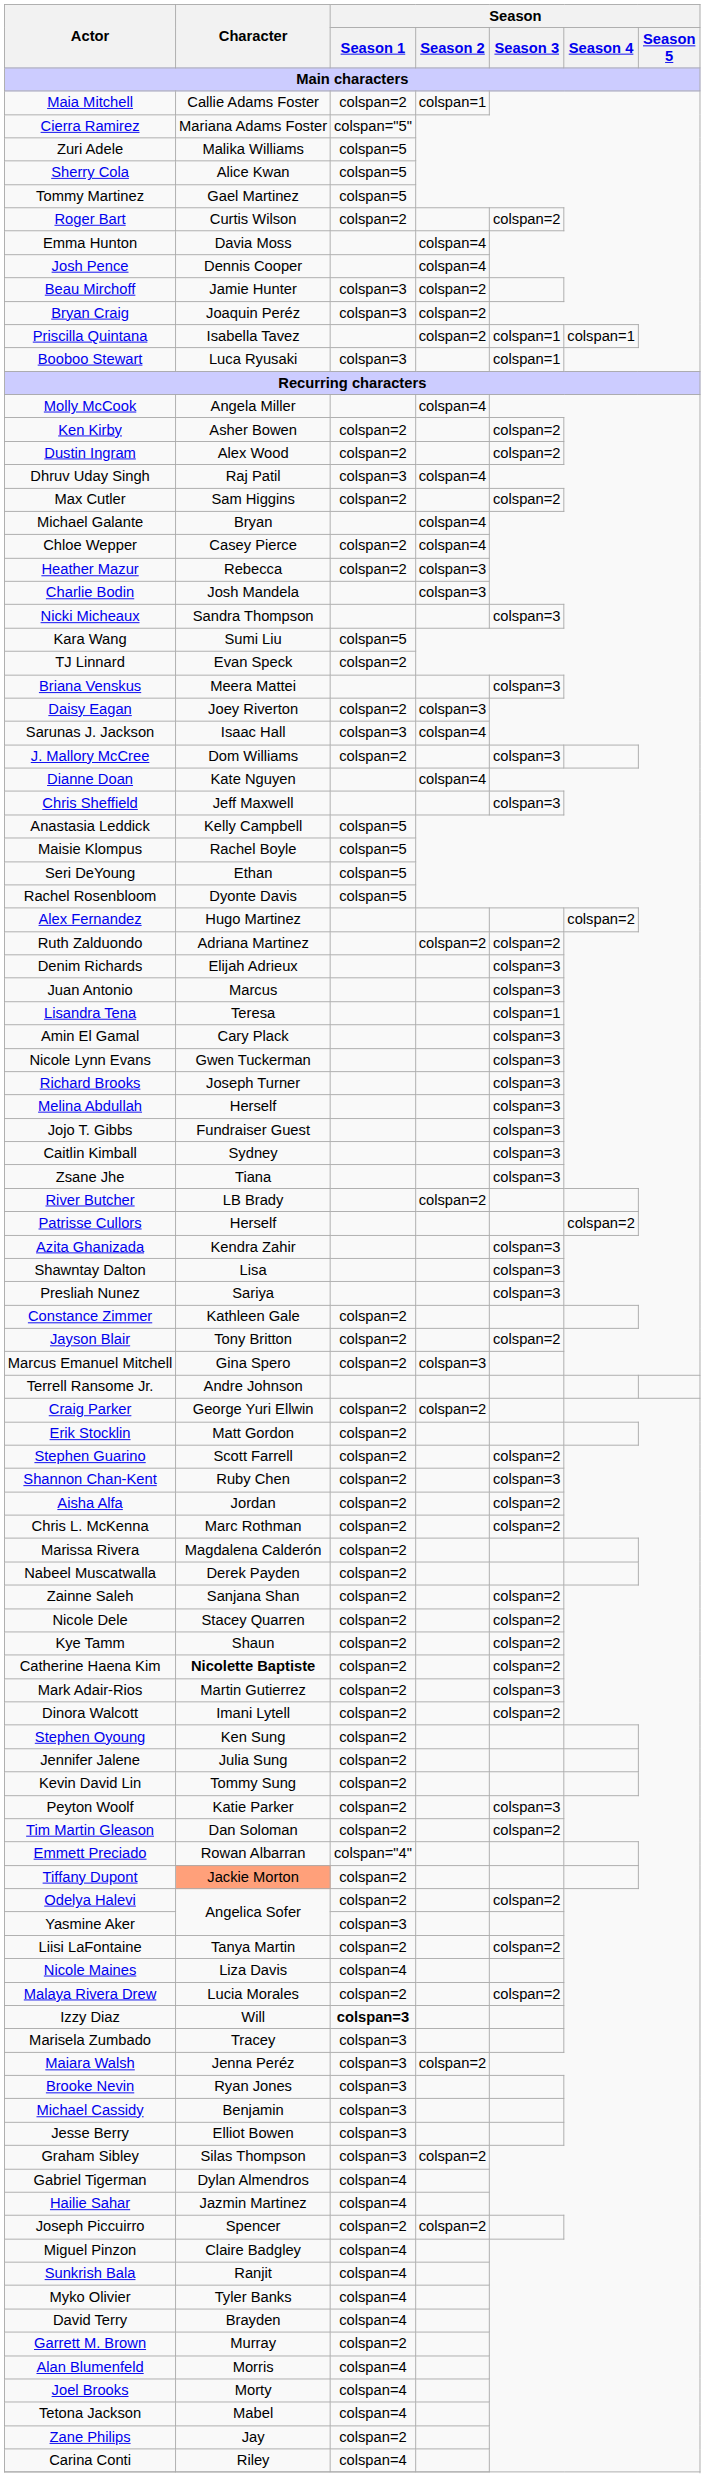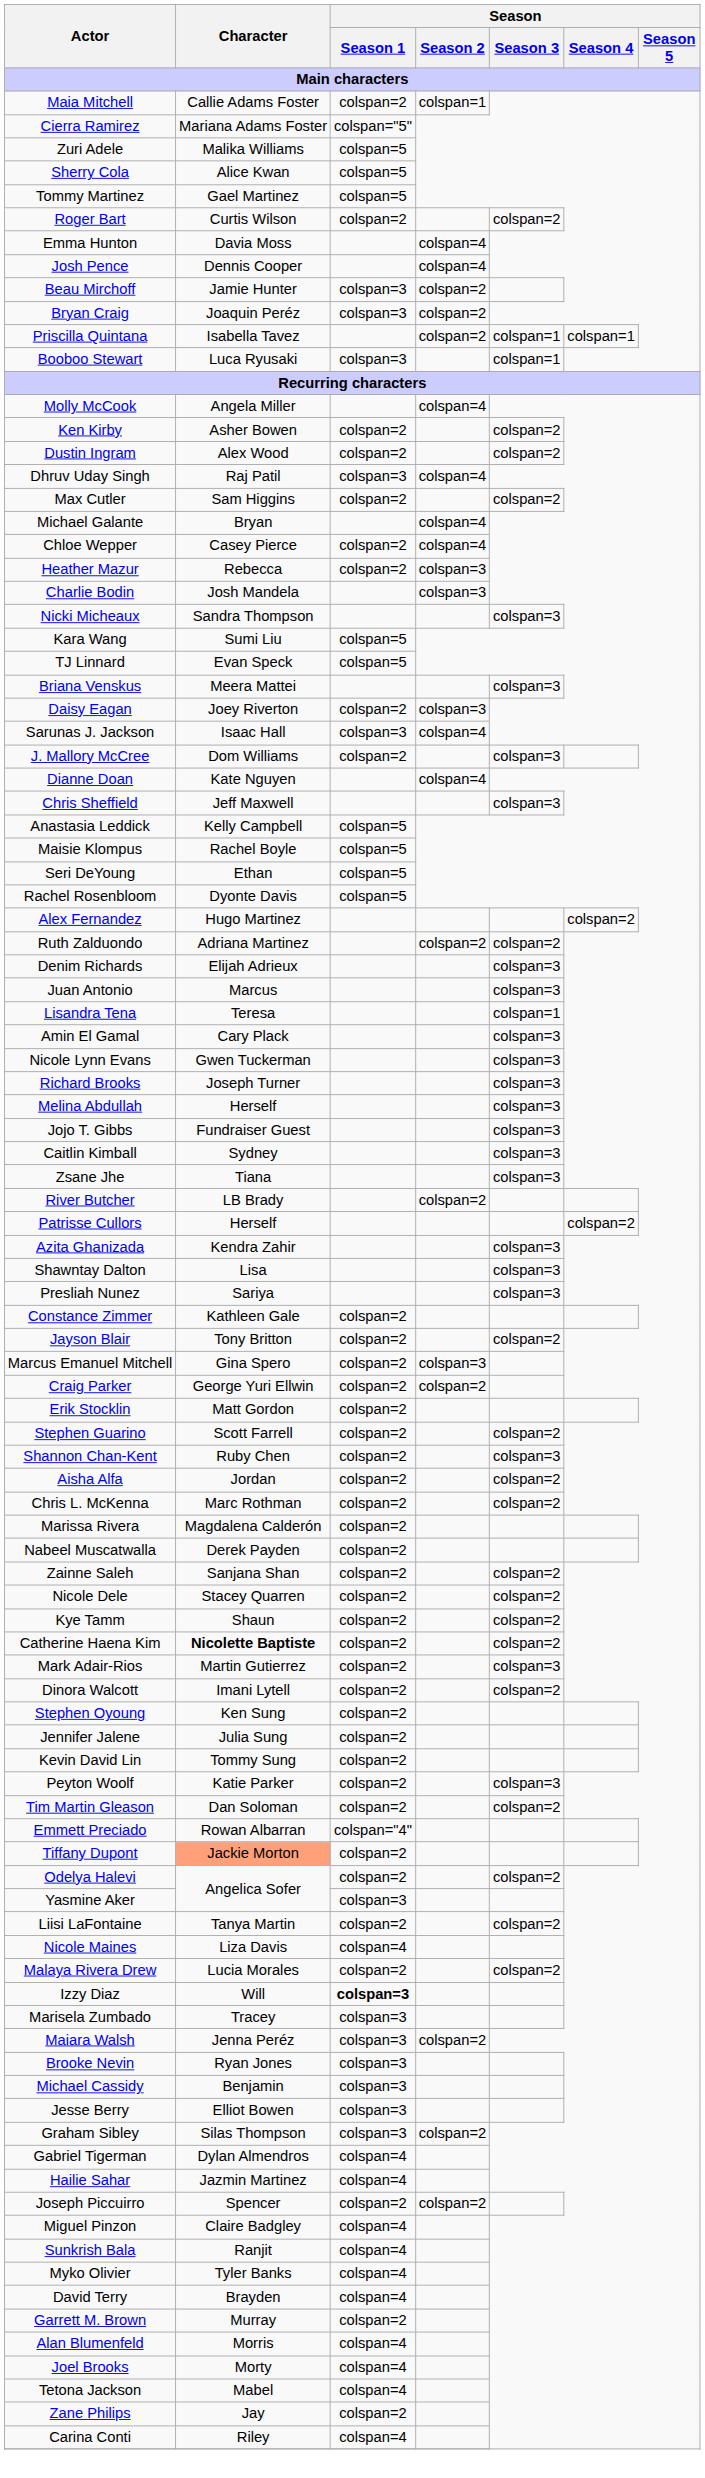 <table class="wikitable plainrowheaders" style="text-align:center">
 <tr>
 <th rowspan="2" scope="col">Actor</th>
 <th rowspan="2" scope="col">Character</th>
 <th colspan="5">Season</th>
 </tr>
 <tr>
 <th scope="col" style="width:60px;"><a href='#'>Season 1</a></th>
 <th scope="col" style="width:60px;"><a href='#'>Season 2</a></th>
 <th scope="col" style="width:60px;"><a href='#'>Season 3</a></th>
 <th scope="col" style="width:60px;"><a href='#'>Season 4</a></th>
 <th scope="col" style="width:60px;"><a href='#'>Season 5</a></th>
 </tr>
 <tr>
 <td colspan="7" style="background-color:#ccccff;"><strong>Main characters</strong></td>
 </tr>
 <tr>
 <td><a href='#'>Maia Mitchell</a></td>
 <td>Callie Adams Foster</td>
 <td>colspan=2 </td>
 <td>colspan=1 </td>
 </tr>
 <tr>
 <td><a href='#'>Cierra Ramirez</a></td>
 <td>Mariana Adams Foster</td>
 <td>colspan="5" </td>
 </tr>
 <tr>
 <td>Zuri Adele</td>
 <td>Malika Williams</td>
 <td>colspan=5 </td>
 </tr>
 <tr>
 <td><a href='#'>Sherry Cola</a></td>
 <td>Alice Kwan</td>
 <td>colspan=5 </td>
 </tr>
 <tr>
 <td>Tommy Martinez</td>
 <td>Gael Martinez</td>
 <td>colspan=5 </td>
 </tr>
 <tr>
 <td><a href='#'>Roger Bart</a></td>
 <td>Curtis Wilson</td>
 <td>colspan=2 </td>
 <td></td>
 <td>colspan=2 </td>
 </tr>
 <tr>
 <td>Emma Hunton</td>
 <td>Davia Moss</td>
 <td></td>
 <td>colspan=4 </td>
 </tr>
 <tr>
 <td><a href='#'>Josh Pence</a></td>
 <td>Dennis Cooper</td>
 <td></td>
 <td>colspan=4 </td>
 </tr>
 <tr>
 <td><a href='#'>Beau Mirchoff</a></td>
 <td>Jamie Hunter</td>
 <td>colspan=3 </td>
 <td>colspan=2 </td>
 <td></td>
 </tr>
 <tr>
 <td><a href='#'>Bryan Craig</a></td>
 <td>Joaquin Peréz</td>
 <td>colspan=3 </td>
 <td>colspan=2 </td>
 </tr>
 <tr>
 <td><a href='#'>Priscilla Quintana</a></td>
 <td>Isabella Tavez</td>
 <td></td>
 <td>colspan=2 </td>
 <td>colspan=1 </td>
 <td>colspan=1 </td>
 </tr>
 <tr>
 <td><a href='#'>Booboo Stewart</a></td>
 <td>Luca Ryusaki</td>
 <td>colspan=3 </td>
 <td></td>
 <td>colspan=1 </td>
 </tr>
 <tr>
 <td colspan="7" style="background-color:#ccccff;"><strong>Recurring characters</strong></td>
 </tr>
 <tr>
 <td><a href='#'>Molly McCook</a></td>
 <td>Angela Miller</td>
 <td></td>
 <td>colspan=4 </td>
 </tr>
 <tr>
 <td><a href='#'>Ken Kirby</a></td>
 <td>Asher Bowen</td>
 <td>colspan=2 </td>
 <td></td>
 <td>colspan=2 </td>
 </tr>
 <tr>
 <td><a href='#'>Dustin Ingram</a></td>
 <td>Alex Wood</td>
 <td>colspan=2 </td>
 <td></td>
 <td>colspan=2 </td>
 </tr>
 <tr>
 <td>Dhruv Uday Singh</td>
 <td>Raj Patil</td>
 <td>colspan=3 </td>
 <td>colspan=4 </td>
 </tr>
 <tr>
 <td>Max Cutler</td>
 <td>Sam Higgins</td>
 <td>colspan=2 </td>
 <td></td>
 <td>colspan=2 </td>
 </tr>
 <tr>
 <td>Michael Galante</td>
 <td>Bryan</td>
 <td></td>
 <td>colspan=4 </td>
 </tr>
 <tr>
 <td>Chloe Wepper</td>
 <td>Casey Pierce</td>
 <td>colspan=2 </td>
 <td>colspan=4 </td>
 </tr>
 <tr>
 <td><a href='#'>Heather Mazur</a></td>
 <td>Rebecca</td>
 <td>colspan=2 </td>
 <td>colspan=3 </td>
 </tr>
 <tr>
 <td><a href='#'>Charlie Bodin</a></td>
 <td>Josh Mandela</td>
 <td></td>
 <td>colspan=3 </td>
 </tr>
 <tr>
 <td><a href='#'>Nicki Micheaux</a></td>
 <td>Sandra Thompson</td>
 <td></td>
 <td></td>
 <td>colspan=3 </td>
 </tr>
 <tr>
 <td>Kara Wang</td>
 <td>Sumi Liu</td>
 <td>colspan=5 </td>
 </tr>
 <tr>
 <td>TJ Linnard</td>
 <td>Evan Speck</td>
-<td>colspan=2 </td>
+<td>colspan=5 </td>
 </tr>
 <tr>
 <td><a href='#'>Briana Venskus</a></td>
 <td>Meera Mattei</td>
 <td></td>
 <td></td>
 <td>colspan=3 </td>
 </tr>
 <tr>
 <td><a href='#'>Daisy Eagan</a></td>
 <td>Joey Riverton</td>
 <td>colspan=2 </td>
 <td>colspan=3 </td>
 </tr>
 <tr>
 <td>Sarunas J. Jackson</td>
 <td>Isaac Hall</td>
 <td>colspan=3 </td>
 <td>colspan=4 </td>
 </tr>
 <tr>
 <td><a href='#'>J. Mallory McCree</a></td>
 <td>Dom Williams</td>
 <td>colspan=2 </td>
 <td></td>
 <td>colspan=3 </td>
 <td></td>
 </tr>
 <tr>
 <td><a href='#'>Dianne Doan</a></td>
 <td>Kate Nguyen</td>
 <td></td>
 <td>colspan=4 </td>
 </tr>
 <tr>
 <td><a href='#'>Chris Sheffield</a></td>
 <td>Jeff Maxwell</td>
 <td></td>
 <td></td>
 <td>colspan=3 </td>
 </tr>
 <tr>
 <td>Anastasia Leddick</td>
 <td>Kelly Campbell</td>
 <td>colspan=5 </td>
 </tr>
 <tr>
 <td>Maisie Klompus</td>
 <td>Rachel Boyle</td>
 <td>colspan=5 </td>
 </tr>
 <tr>
 <td>Seri DeYoung</td>
 <td>Ethan</td>
 <td>colspan=5 </td>
 </tr>
 <tr>
 <td>Rachel Rosenbloom</td>
 <td>Dyonte Davis</td>
 <td>colspan=5 </td>
 </tr>
 <tr>
 <td><a href='#'>Alex Fernandez</a></td>
 <td>Hugo Martinez</td>
 <td></td>
 <td></td>
 <td></td>
 <td>colspan=2 </td>
 </tr>
 <tr>
 <td>Ruth Zalduondo</td>
 <td>Adriana Martinez</td>
 <td></td>
 <td>colspan=2 </td>
 <td>colspan=2 </td>
 </tr>
 <tr>
 <td>Denim Richards</td>
 <td>Elijah Adrieux</td>
 <td></td>
 <td></td>
 <td>colspan=3 </td>
 </tr>
 <tr>
 <td>Juan Antonio</td>
 <td>Marcus</td>
 <td></td>
 <td></td>
 <td>colspan=3 </td>
 </tr>
 <tr>
 <td><a href='#'>Lisandra Tena</a></td>
 <td>Teresa</td>
 <td></td>
 <td></td>
 <td>colspan=1 </td>
 </tr>
 <tr>
 <td>Amin El Gamal</td>
 <td>Cary Plack</td>
 <td></td>
 <td></td>
 <td>colspan=3 </td>
 </tr>
 <tr>
 <td>Nicole Lynn Evans</td>
 <td>Gwen Tuckerman</td>
 <td></td>
 <td></td>
 <td>colspan=3 </td>
 </tr>
 <tr>
 <td><a href='#'>Richard Brooks</a></td>
 <td>Joseph Turner</td>
 <td></td>
 <td></td>
 <td>colspan=3 </td>
 </tr>
 <tr>
 <td><a href='#'>Melina Abdullah</a></td>
 <td>Herself</td>
 <td></td>
 <td></td>
 <td>colspan=3 </td>
 </tr>
 <tr>
 <td>Jojo T. Gibbs</td>
 <td>Fundraiser Guest</td>
 <td></td>
 <td></td>
 <td>colspan=3 </td>
 </tr>
 <tr>
 <td>Caitlin Kimball</td>
 <td>Sydney</td>
 <td></td>
 <td></td>
 <td>colspan=3 </td>
 </tr>
 <tr>
 <td>Zsane Jhe</td>
 <td>Tiana</td>
 <td></td>
 <td></td>
 <td>colspan=3 </td>
 </tr>
 <tr>
 <td><a href='#'>River Butcher</a></td>
 <td>LB Brady</td>
 <td></td>
 <td>colspan=2 </td>
 <td></td>
 <td></td>
 </tr>
 <tr>
 <td><a href='#'>Patrisse Cullors</a></td>
 <td>Herself</td>
 <td></td>
 <td></td>
 <td></td>
 <td>colspan=2 </td>
 </tr>
 <tr>
 <td><a href='#'>Azita Ghanizada</a></td>
 <td>Kendra Zahir</td>
 <td></td>
 <td></td>
 <td>colspan=3 </td>
 </tr>
 <tr>
 <td>Shawntay Dalton</td>
 <td>Lisa</td>
 <td></td>
 <td></td>
 <td>colspan=3 </td>
 </tr>
 <tr>
 <td>Presliah Nunez</td>
 <td>Sariya</td>
 <td></td>
 <td></td>
 <td>colspan=3 </td>
 </tr>
 <tr>
 <td><a href='#'>Constance Zimmer</a></td>
 <td>Kathleen Gale</td>
 <td>colspan=2 </td>
 <td></td>
 <td></td>
 <td></td>
 </tr>
 <tr>
 <td><a href='#'>Jayson Blair</a></td>
 <td>Tony Britton</td>
 <td>colspan=2 </td>
 <td></td>
 <td>colspan=2 </td>
 </tr>
 <tr>
 <td>Marcus Emanuel Mitchell</td>
 <td>Gina Spero</td>
 <td>colspan=2 </td>
 <td>colspan=3 </td>
-<td></td>
-</tr>
-<tr>
-<td>Terrell Ransome Jr.</td>
-<td>Andre Johnson</td>
-<td></td>
-<td></td>
-<td></td>
-<td></td>
 <td></td>
 </tr>
 <tr>
 <td><a href='#'>Craig Parker</a></td>
 <td>George Yuri Ellwin</td>
 <td>colspan=2 </td>
 <td>colspan=2 </td>
 <td></td>
 </tr>
 <tr>
 <td><a href='#'>Erik Stocklin</a></td>
 <td>Matt Gordon</td>
 <td>colspan=2 </td>
 <td></td>
 <td></td>
 <td></td>
 </tr>
 <tr>
 <td><a href='#'>Stephen Guarino</a></td>
 <td>Scott Farrell</td>
 <td>colspan=2 </td>
 <td></td>
 <td>colspan=2 </td>
 </tr>
 <tr>
 <td><a href='#'>Shannon Chan-Kent</a></td>
 <td>Ruby Chen</td>
 <td>colspan=2 </td>
 <td></td>
 <td>colspan=3 </td>
 </tr>
 <tr>
 <td><a href='#'>Aisha Alfa</a></td>
 <td>Jordan</td>
 <td>colspan=2 </td>
 <td></td>
 <td>colspan=2 </td>
 </tr>
 <tr>
 <td>Chris L. McKenna</td>
 <td>Marc Rothman</td>
 <td>colspan=2 </td>
 <td></td>
 <td>colspan=2 </td>
 </tr>
 <tr>
 <td>Marissa Rivera</td>
 <td>Magdalena Calderón</td>
 <td>colspan=2 </td>
 <td></td>
 <td></td>
 <td></td>
 </tr>
 <tr>
 <td>Nabeel Muscatwalla</td>
 <td>Derek Payden</td>
 <td>colspan=2 </td>
 <td></td>
 <td></td>
 <td></td>
 </tr>
 <tr>
 <td>Zainne Saleh</td>
 <td>Sanjana Shan</td>
 <td>colspan=2 </td>
 <td></td>
 <td>colspan=2 </td>
 </tr>
 <tr>
 <td>Nicole Dele</td>
 <td>Stacey Quarren</td>
 <td>colspan=2 </td>
 <td></td>
 <td>colspan=2 </td>
 </tr>
 <tr>
 <td>Kye Tamm</td>
 <td>Shaun</td>
 <td>colspan=2 </td>
 <td></td>
 <td>colspan=2 </td>
 </tr>
 <tr>
 <td>Catherine Haena Kim</td>
 <td><strong>Nicolette Baptiste</strong></td>
 <td>colspan=2 </td>
 <td></td>
 <td>colspan=2 </td>
 </tr>
 <tr>
 <td>Mark Adair-Rios</td>
 <td>Martin Gutierrez</td>
 <td>colspan=2 </td>
 <td></td>
 <td>colspan=3 </td>
 </tr>
 <tr>
 <td>Dinora Walcott</td>
 <td>Imani Lytell</td>
 <td>colspan=2 </td>
 <td></td>
 <td>colspan=2 </td>
 </tr>
 <tr>
 <td><a href='#'>Stephen Oyoung</a></td>
 <td>Ken Sung</td>
 <td>colspan=2 </td>
 <td></td>
 <td></td>
 <td></td>
 </tr>
 <tr>
 <td>Jennifer Jalene</td>
 <td>Julia Sung</td>
 <td>colspan=2 </td>
 <td></td>
 <td></td>
 <td></td>
 </tr>
 <tr>
 <td>Kevin David Lin</td>
 <td>Tommy Sung</td>
 <td>colspan=2 </td>
 <td></td>
 <td></td>
 <td></td>
 </tr>
 <tr>
 <td>Peyton Woolf</td>
 <td>Katie Parker</td>
 <td>colspan=2 </td>
 <td></td>
 <td>colspan=3 </td>
 </tr>
 <tr>
 <td><a href='#'>Tim Martin Gleason</a></td>
 <td>Dan Soloman</td>
 <td>colspan=2 </td>
 <td></td>
 <td>colspan=2 </td>
 </tr>
 <tr>
 <td><a href='#'>Emmett Preciado</a></td>
 <td>Rowan Albarran</td>
 <td>colspan="4" </td>
 <td></td>
 <td></td>
 <td></td>
 </tr>
 <tr>
 <td><a href='#'>Tiffany Dupont</a></td>
 <td style="background: lightsalmon;">Jackie Morton</td>
 <td>colspan=2 </td>
 <td></td>
 <td></td>
 <td></td>
 </tr>
 <tr>
 <td><a href='#'>Odelya Halevi</a></td>
 <td rowspan=2>Angelica Sofer</td>
 <td>colspan=2 </td>
 <td></td>
 <td>colspan=2 </td>
 </tr>
 <tr>
 <td>Yasmine Aker</td>
 <td>colspan=3 </td>
 <td></td>
 <td></td>
 </tr>
 <tr>
 <td>Liisi LaFontaine</td>
 <td>Tanya Martin</td>
 <td>colspan=2 </td>
 <td></td>
 <td>colspan=2 </td>
 </tr>
 <tr>
 <td><a href='#'>Nicole Maines</a></td>
 <td>Liza Davis</td>
 <td>colspan=4 </td>
 <td></td>
 <td></td>
 </tr>
 <tr>
 <td><a href='#'>Malaya Rivera Drew</a></td>
 <td>Lucia Morales</td>
 <td>colspan=2 </td>
 <td></td>
 <td>colspan=2 </td>
 </tr>
 <tr>
 <td>Izzy Diaz</td>
 <td>Will</td>
 <td><strong>colspan=3 </strong></td>
 <td></td>
 <td></td>
 </tr>
 <tr>
 <td>Marisela Zumbado</td>
 <td>Tracey</td>
 <td>colspan=3 </td>
 <td></td>
 <td></td>
 </tr>
 <tr>
 <td><a href='#'>Maiara Walsh</a></td>
 <td>Jenna Peréz</td>
 <td>colspan=3 </td>
 <td>colspan=2 </td>
 </tr>
 <tr>
 <td><a href='#'>Brooke Nevin</a></td>
 <td>Ryan Jones</td>
 <td>colspan=3 </td>
 <td></td>
 <td></td>
 </tr>
 <tr>
 <td><a href='#'>Michael Cassidy</a></td>
 <td>Benjamin</td>
 <td>colspan=3 </td>
 <td></td>
 <td></td>
 </tr>
 <tr>
 <td>Jesse Berry</td>
 <td>Elliot Bowen</td>
 <td>colspan=3 </td>
 <td></td>
 <td></td>
 </tr>
 <tr>
 <td>Graham Sibley</td>
 <td>Silas Thompson</td>
 <td>colspan=3 </td>
 <td>colspan=2 </td>
 </tr>
 <tr>
 <td>Gabriel Tigerman</td>
 <td>Dylan Almendros</td>
 <td>colspan=4 </td>
 <td></td>
 </tr>
 <tr>
 <td><a href='#'>Hailie Sahar</a></td>
 <td>Jazmin Martinez</td>
 <td>colspan=4 </td>
 <td></td>
 </tr>
 <tr>
 <td>Joseph Piccuirro</td>
 <td>Spencer</td>
 <td>colspan=2 </td>
 <td>colspan=2 </td>
 <td></td>
 </tr>
 <tr>
 <td>Miguel Pinzon</td>
 <td>Claire Badgley</td>
 <td>colspan=4 </td>
 <td></td>
 </tr>
 <tr>
 <td><a href='#'>Sunkrish Bala</a></td>
 <td>Ranjit</td>
 <td>colspan=4 </td>
 <td></td>
 </tr>
 <tr>
 <td>Myko Olivier</td>
 <td>Tyler Banks</td>
 <td>colspan=4 </td>
 <td></td>
 </tr>
 <tr>
 <td>David Terry</td>
 <td>Brayden</td>
 <td>colspan=4 </td>
 <td></td>
 </tr>
 <tr>
 <td><a href='#'>Garrett M. Brown</a></td>
 <td>Murray</td>
 <td>colspan=2 </td>
 <td></td>
 </tr>
 <tr>
 <td><a href='#'>Alan Blumenfeld</a></td>
 <td>Morris</td>
 <td>colspan=4 </td>
 <td></td>
 </tr>
 <tr>
 <td><a href='#'>Joel Brooks</a></td>
 <td>Morty</td>
 <td>colspan=4 </td>
 <td></td>
 </tr>
 <tr>
 <td>Tetona Jackson</td>
 <td>Mabel</td>
 <td>colspan=4 </td>
 <td></td>
 </tr>
 <tr>
 <td><a href='#'>Zane Philips</a></td>
 <td>Jay</td>
 <td>colspan=2 </td>
 <td></td>
 </tr>
 <tr>
 <td>Carina Conti</td>
 <td>Riley</td>
 <td>colspan=4 </td>
 <td></td>
 </tr>
 <tr>
 </tr>
 </table>
